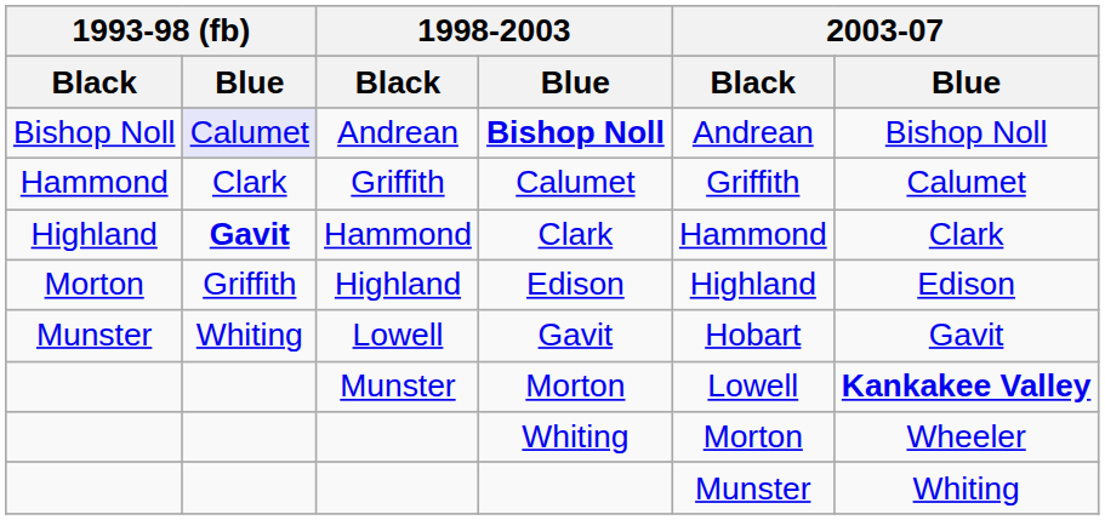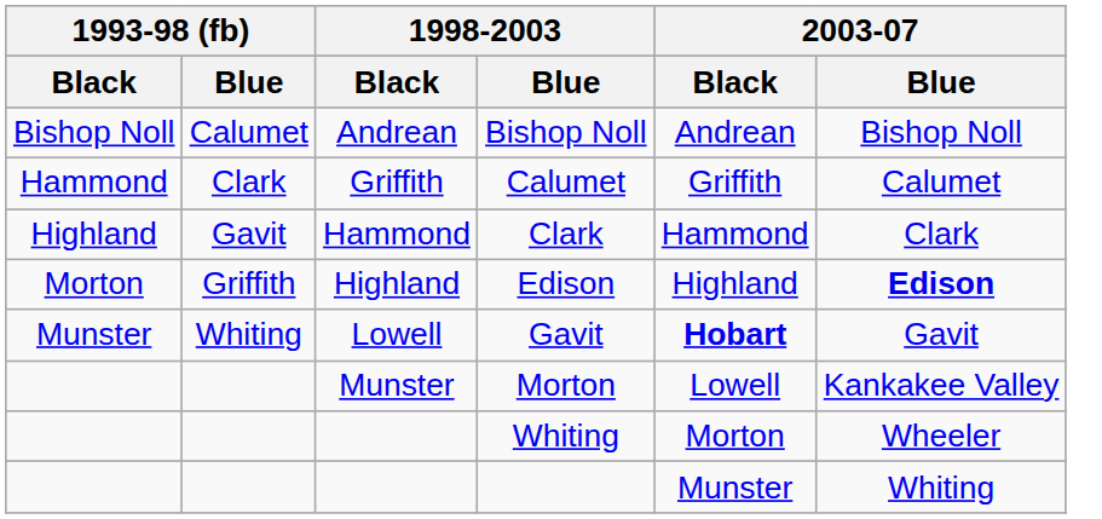 <table class="wikitable" style="text-align:center;">
 <tr>
 <th colspan=2>1993-98 (fb)</th>
 <th colspan=2>1998-2003</th>
 <th colspan=2>2003-07</th>
 </tr>
 <tr>
 <th>Black</th>
 <th>Blue</th>
 <th>Black</th>
 <th>Blue</th>
 <th>Black</th>
 <th>Blue</th>
 </tr>
 <tr>
 <td><a href='#'>Bishop Noll</a></td>
-<td style="background: lavender;"><a href='#'>Calumet</a></td>
+<td><a href='#'>Calumet</a></td>
 <td><a href='#'>Andrean</a></td>
-<td><strong><a href='#'>Bishop Noll</a></strong></td>
+<td><a href='#'>Bishop Noll</a></td>
 <td><a href='#'>Andrean</a></td>
 <td><a href='#'>Bishop Noll</a></td>
 </tr>
 <tr>
 <td><a href='#'>Hammond</a></td>
 <td><a href='#'>Clark</a></td>
 <td><a href='#'>Griffith</a></td>
 <td><a href='#'>Calumet</a></td>
 <td><a href='#'>Griffith</a></td>
 <td><a href='#'>Calumet</a></td>
 </tr>
 <tr>
 <td><a href='#'>Highland</a></td>
-<td><strong><a href='#'>Gavit</a></strong></td>
+<td><a href='#'>Gavit</a></td>
 <td><a href='#'>Hammond</a></td>
 <td><a href='#'>Clark</a></td>
 <td><a href='#'>Hammond</a></td>
 <td><a href='#'>Clark</a></td>
 </tr>
 <tr>
 <td><a href='#'>Morton</a></td>
 <td><a href='#'>Griffith</a></td>
 <td><a href='#'>Highland</a></td>
 <td><a href='#'>Edison</a></td>
 <td><a href='#'>Highland</a></td>
-<td><a href='#'>Edison</a></td>
+<td><strong><a href='#'>Edison</a></strong></td>
 </tr>
 <tr>
 <td><a href='#'>Munster</a></td>
 <td><a href='#'>Whiting</a></td>
 <td><a href='#'>Lowell</a></td>
 <td><a href='#'>Gavit</a></td>
-<td><a href='#'>Hobart</a></td>
+<td><strong><a href='#'>Hobart</a></strong></td>
 <td><a href='#'>Gavit</a></td>
 </tr>
 <tr>
 <td></td>
 <td></td>
 <td><a href='#'>Munster</a></td>
 <td><a href='#'>Morton</a></td>
 <td><a href='#'>Lowell</a></td>
-<td><strong><a href='#'>Kankakee Valley</a></strong></td>
+<td><a href='#'>Kankakee Valley</a></td>
 </tr>
 <tr>
 <td></td>
 <td></td>
 <td></td>
 <td><a href='#'>Whiting</a></td>
 <td><a href='#'>Morton</a></td>
 <td><a href='#'>Wheeler</a></td>
 </tr>
 <tr>
 <td></td>
 <td></td>
 <td></td>
 <td></td>
 <td><a href='#'>Munster</a></td>
 <td><a href='#'>Whiting</a></td>
 </tr>
 </table>
